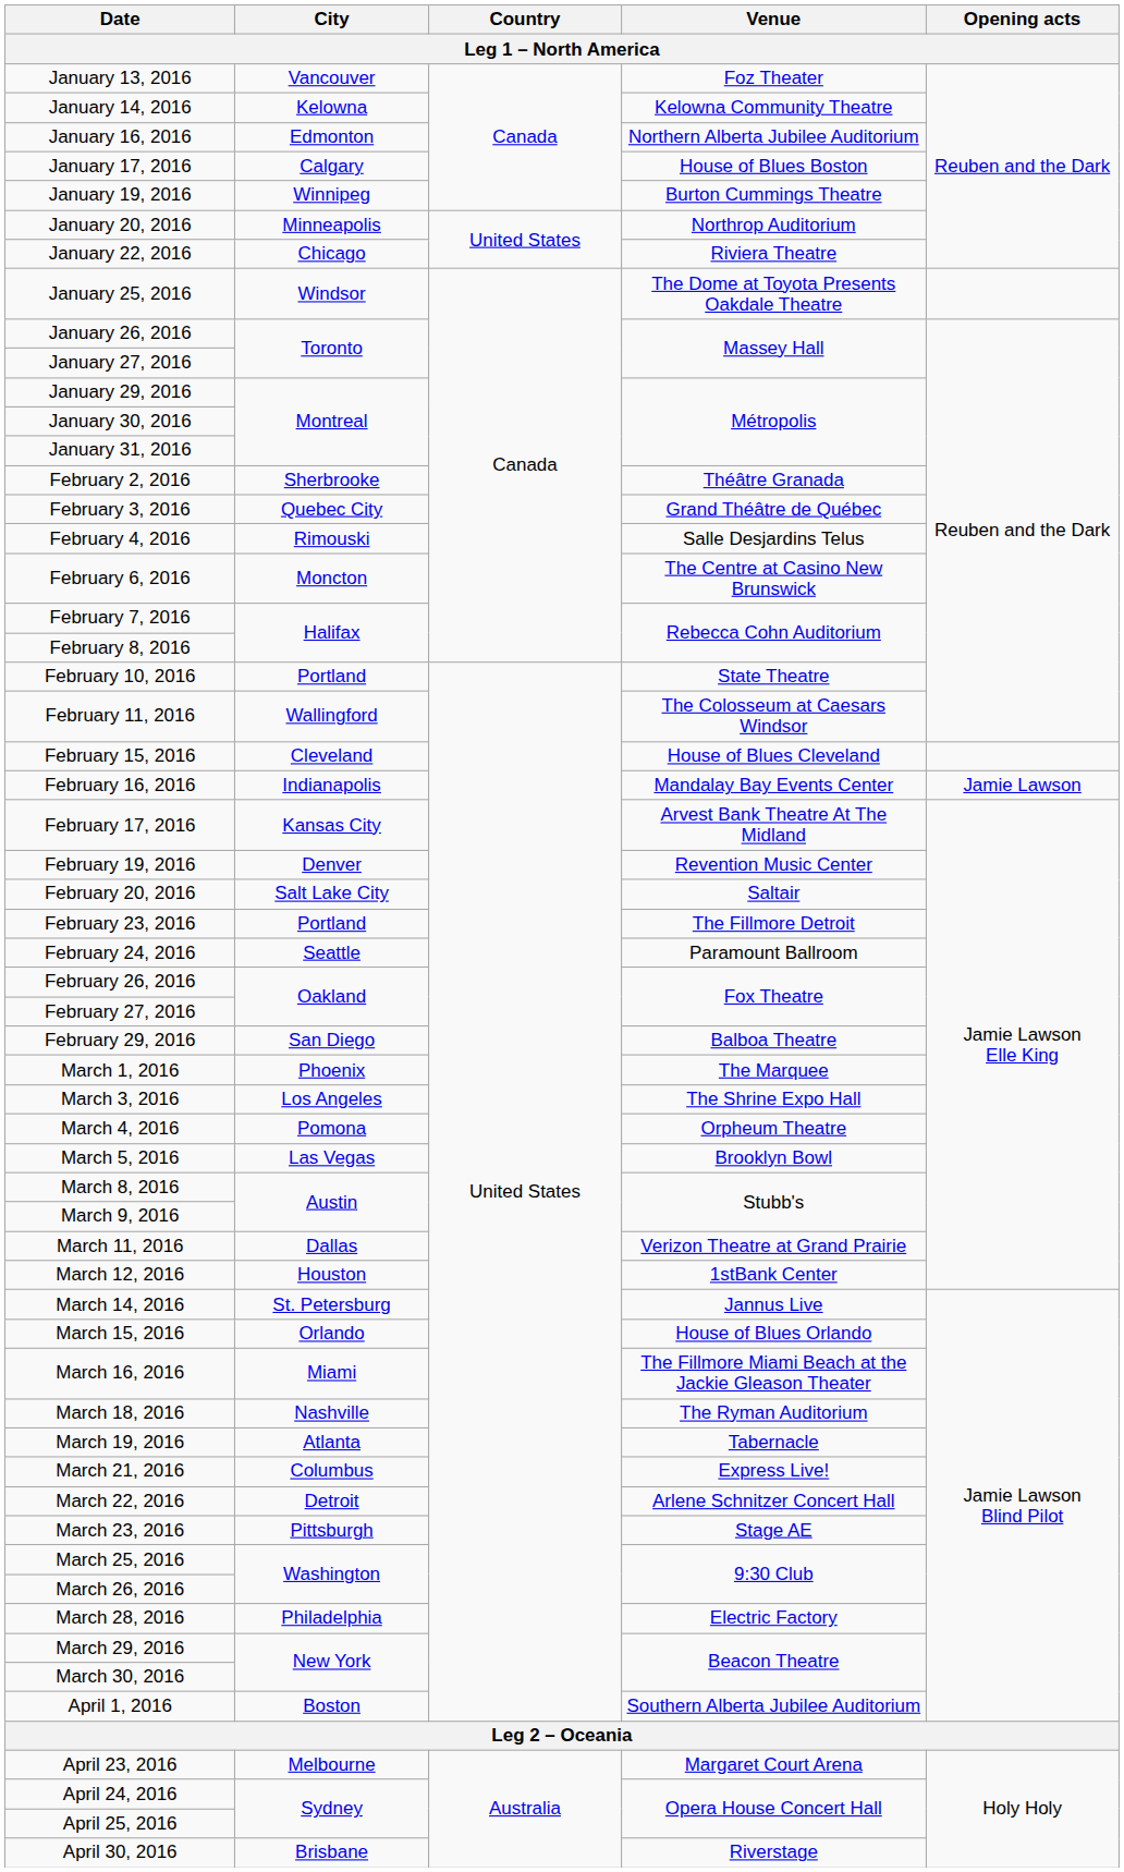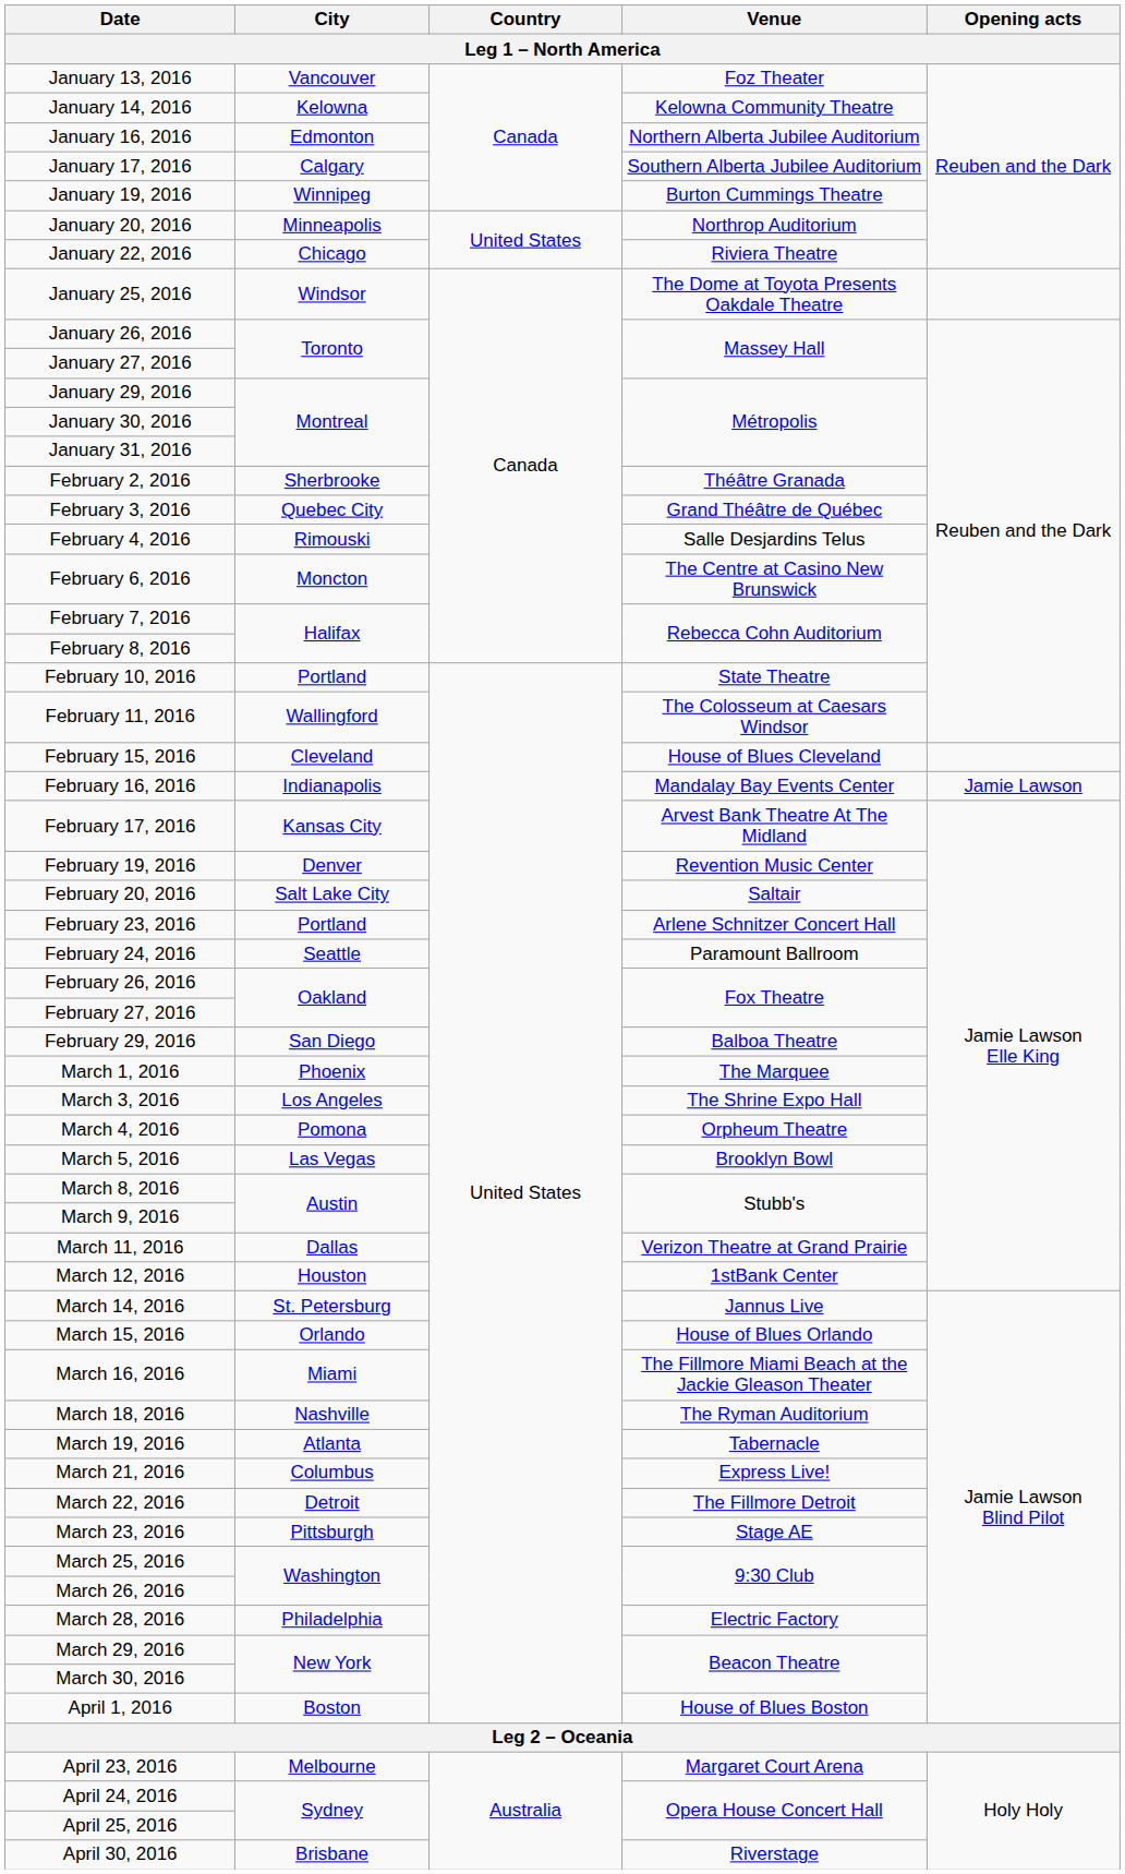 <table class="wikitable" style="text-align:center;">
 <tr>
 <th scope="col" style="width:12em;">Date</th>
 <th scope="col" style="width:10em;">City</th>
 <th scope="col" style="width:10em;">Country</th>
 <th scope="col" style="width:16em;">Venue</th>
 <th scope="col" style="width:10em;">Opening acts</th>
 </tr>
 <tr>
 <th colspan="5" style="text-align:center;"><strong>Leg 1 – North America</strong></th>
 </tr>
 <tr>
 <td>January 13, 2016</td>
 <td><a href='#'>Vancouver</a></td>
 <td rowspan="5"><a href='#'>Canada</a></td>
 <td><a href='#'>Foz Theater</a></td>
 <td rowspan="7"><a href='#'>Reuben and the Dark</a></td>
 </tr>
 <tr>
 <td>January 14, 2016</td>
 <td><a href='#'>Kelowna</a></td>
 <td><a href='#'>Kelowna Community Theatre</a></td>
 </tr>
 <tr>
 <td>January 16, 2016</td>
 <td><a href='#'>Edmonton</a></td>
 <td><a href='#'>Northern Alberta Jubilee Auditorium</a></td>
 </tr>
 <tr>
 <td>January 17, 2016</td>
 <td><a href='#'>Calgary</a></td>
-<td><a href='#'>House of Blues Boston</a></td>
+<td><a href='#'>Southern Alberta Jubilee Auditorium</a></td>
 </tr>
 <tr>
 <td>January 19, 2016</td>
 <td><a href='#'>Winnipeg</a></td>
 <td><a href='#'>Burton Cummings Theatre</a></td>
 </tr>
 <tr>
 <td>January 20, 2016</td>
 <td><a href='#'>Minneapolis</a></td>
 <td rowspan="2"><a href='#'>United States</a></td>
 <td><a href='#'>Northrop Auditorium</a></td>
 </tr>
 <tr>
 <td>January 22, 2016</td>
 <td><a href='#'>Chicago</a></td>
 <td><a href='#'>Riviera Theatre</a></td>
 </tr>
 <tr>
 <td>January 25, 2016</td>
 <td><a href='#'>Windsor</a></td>
 <td rowspan="12">Canada</td>
 <td><a href='#'>The Dome at Toyota Presents Oakdale Theatre</a></td>
 <td></td>
 </tr>
 <tr>
 <td>January 26, 2016</td>
 <td rowspan="2"><a href='#'>Toronto</a></td>
 <td rowspan="2"><a href='#'>Massey Hall</a></td>
 <td rowspan="13">Reuben and the Dark</td>
 </tr>
 <tr>
 <td>January 27, 2016</td>
 </tr>
 <tr>
 <td>January 29, 2016</td>
 <td rowspan="3"><a href='#'>Montreal</a></td>
 <td rowspan="3"><a href='#'>Métropolis</a></td>
 </tr>
 <tr>
 <td>January 30, 2016</td>
 </tr>
 <tr>
 <td>January 31, 2016</td>
 </tr>
 <tr>
 <td>February 2, 2016</td>
 <td><a href='#'>Sherbrooke</a></td>
 <td><a href='#'>Théâtre Granada</a></td>
 </tr>
 <tr>
 <td>February 3, 2016</td>
 <td><a href='#'>Quebec City</a></td>
 <td><a href='#'>Grand Théâtre de Québec</a></td>
 </tr>
 <tr>
 <td>February 4, 2016</td>
 <td><a href='#'>Rimouski</a></td>
 <td>Salle Desjardins Telus</td>
 </tr>
 <tr>
 <td>February 6, 2016</td>
 <td><a href='#'>Moncton</a></td>
 <td><a href='#'>The Centre at Casino New Brunswick</a></td>
 </tr>
 <tr>
 <td>February 7, 2016</td>
 <td rowspan="2"><a href='#'>Halifax</a></td>
 <td rowspan="2"><a href='#'>Rebecca Cohn Auditorium</a></td>
 </tr>
 <tr>
 <td>February 8, 2016</td>
 </tr>
 <tr>
 <td>February 10, 2016</td>
 <td><a href='#'>Portland</a></td>
 <td rowspan="34">United States</td>
 <td><a href='#'>State Theatre</a></td>
 </tr>
 <tr>
 <td>February 11, 2016</td>
 <td><a href='#'>Wallingford</a></td>
 <td><a href='#'>The Colosseum at Caesars Windsor</a></td>
 </tr>
 <tr>
 <td>February 15, 2016</td>
 <td><a href='#'>Cleveland</a></td>
 <td><a href='#'>House of Blues Cleveland</a></td>
 <td></td>
 </tr>
 <tr>
 <td>February 16, 2016</td>
 <td><a href='#'>Indianapolis</a></td>
 <td><a href='#'>Mandalay Bay Events Center</a></td>
 <td><a href='#'>Jamie Lawson</a></td>
 </tr>
 <tr>
 <td>February 17, 2016</td>
 <td><a href='#'>Kansas City</a></td>
 <td><a href='#'>Arvest Bank Theatre At The Midland</a></td>
 <td rowspan="16">Jamie Lawson<br><a href='#'>Elle King</a></td>
 </tr>
 <tr>
 <td>February 19, 2016</td>
 <td><a href='#'>Denver</a></td>
 <td><a href='#'>Revention Music Center</a></td>
 </tr>
 <tr>
 <td>February 20, 2016</td>
 <td><a href='#'>Salt Lake City</a></td>
 <td><a href='#'>Saltair</a></td>
 </tr>
 <tr>
 <td>February 23, 2016</td>
 <td><a href='#'>Portland</a></td>
-<td><a href='#'>The Fillmore Detroit</a></td>
+<td><a href='#'>Arlene Schnitzer Concert Hall</a></td>
 </tr>
 <tr>
 <td>February 24, 2016</td>
 <td><a href='#'>Seattle</a></td>
 <td>Paramount Ballroom</td>
 </tr>
 <tr>
 <td>February 26, 2016</td>
 <td rowspan="2"><a href='#'>Oakland</a></td>
 <td rowspan="2"><a href='#'>Fox Theatre</a></td>
 </tr>
 <tr>
 <td>February 27, 2016</td>
 </tr>
 <tr>
 <td>February 29, 2016</td>
 <td><a href='#'>San Diego</a></td>
 <td><a href='#'>Balboa Theatre</a></td>
 </tr>
 <tr>
 <td>March 1, 2016</td>
 <td><a href='#'>Phoenix</a></td>
 <td><a href='#'>The Marquee</a></td>
 </tr>
 <tr>
 <td>March 3, 2016</td>
 <td><a href='#'>Los Angeles</a></td>
 <td><a href='#'>The Shrine Expo Hall</a></td>
 </tr>
 <tr>
 <td>March 4, 2016</td>
 <td><a href='#'>Pomona</a></td>
 <td><a href='#'>Orpheum Theatre</a></td>
 </tr>
 <tr>
 <td>March 5, 2016</td>
 <td><a href='#'>Las Vegas</a></td>
 <td><a href='#'>Brooklyn Bowl</a></td>
 </tr>
 <tr>
 <td>March 8, 2016</td>
 <td rowspan="2"><a href='#'>Austin</a></td>
 <td rowspan="2">Stubb's</td>
 </tr>
 <tr>
 <td>March 9, 2016</td>
 </tr>
 <tr>
 <td>March 11, 2016</td>
 <td><a href='#'>Dallas</a></td>
 <td><a href='#'>Verizon Theatre at Grand Prairie</a></td>
 </tr>
 <tr>
 <td>March 12, 2016</td>
 <td><a href='#'>Houston</a></td>
 <td><a href='#'>1stBank Center</a></td>
 </tr>
 <tr>
 <td>March 14, 2016</td>
 <td><a href='#'>St. Petersburg</a></td>
 <td><a href='#'>Jannus Live</a></td>
 <td rowspan="14">Jamie Lawson<br><a href='#'>Blind Pilot</a></td>
 </tr>
 <tr>
 <td>March 15, 2016</td>
 <td><a href='#'>Orlando</a></td>
 <td><a href='#'>House of Blues Orlando</a></td>
 </tr>
 <tr>
 <td>March 16, 2016</td>
 <td><a href='#'>Miami</a></td>
 <td><a href='#'>The Fillmore Miami Beach at the Jackie Gleason Theater</a></td>
 </tr>
 <tr>
 <td>March 18, 2016</td>
 <td><a href='#'>Nashville</a></td>
 <td><a href='#'>The Ryman Auditorium</a></td>
 </tr>
 <tr>
 <td>March 19, 2016</td>
 <td><a href='#'>Atlanta</a></td>
 <td><a href='#'>Tabernacle</a></td>
 </tr>
 <tr>
 <td>March 21, 2016</td>
 <td><a href='#'>Columbus</a></td>
 <td><a href='#'>Express Live!</a></td>
 </tr>
 <tr>
 <td>March 22, 2016</td>
 <td><a href='#'>Detroit</a></td>
-<td><a href='#'>Arlene Schnitzer Concert Hall</a></td>
+<td><a href='#'>The Fillmore Detroit</a></td>
 </tr>
 <tr>
 <td>March 23, 2016</td>
 <td><a href='#'>Pittsburgh</a></td>
 <td><a href='#'>Stage AE</a></td>
 </tr>
 <tr>
 <td>March 25, 2016</td>
 <td rowspan="2"><a href='#'>Washington</a></td>
 <td rowspan="2"><a href='#'>9:30 Club</a></td>
 </tr>
 <tr>
 <td>March 26, 2016</td>
 </tr>
 <tr>
 <td>March 28, 2016</td>
 <td><a href='#'>Philadelphia</a></td>
 <td><a href='#'>Electric Factory</a></td>
 </tr>
 <tr>
 <td>March 29, 2016</td>
 <td rowspan="2"><a href='#'>New York</a></td>
 <td rowspan="2"><a href='#'>Beacon Theatre</a></td>
 </tr>
 <tr>
 <td>March 30, 2016</td>
 </tr>
 <tr>
 <td>April 1, 2016</td>
 <td><a href='#'>Boston</a></td>
-<td><a href='#'>Southern Alberta Jubilee Auditorium</a></td>
+<td><a href='#'>House of Blues Boston</a></td>
 </tr>
 <tr>
 <th colspan="5" style="text-align:center;"><strong>Leg 2 – Oceania</strong></th>
 </tr>
 <tr>
 <td>April 23, 2016</td>
 <td><a href='#'>Melbourne</a></td>
 <td rowspan="4"><a href='#'>Australia</a></td>
 <td><a href='#'>Margaret Court Arena</a></td>
 <td rowspan="4">Holy Holy</td>
 </tr>
 <tr>
 <td>April 24, 2016</td>
 <td rowspan="2"><a href='#'>Sydney</a></td>
 <td rowspan="2"><a href='#'>Opera House Concert Hall</a></td>
 </tr>
 <tr>
 <td>April 25, 2016</td>
 </tr>
 <tr>
 <td>April 30, 2016</td>
 <td><a href='#'>Brisbane</a></td>
 <td><a href='#'>Riverstage</a></td>
 </tr>
 </table>
